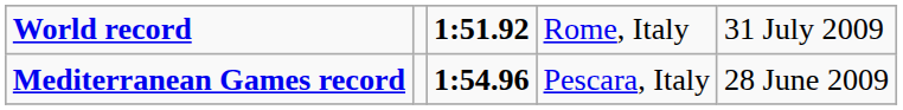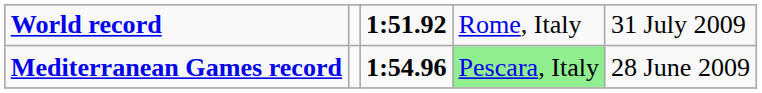 <table class="wikitable">
 <tr>
 <td><strong><a href='#'>World record</a></strong></td>
 <td></td>
 <td><strong>1:51.92</strong></td>
 <td><a href='#'>Rome</a>, Italy</td>
 <td>31 July 2009</td>
 </tr>
 <tr>
 <td><strong><a href='#'>Mediterranean Games record</a></strong></td>
 <td></td>
 <td><strong>1:54.96</strong></td>
-<td><a href='#'>Pescara</a>, Italy</td>
+<td style="background: lightgreen;"><a href='#'>Pescara</a>, Italy</td>
 <td>28 June 2009</td>
 </tr>
 </table>
